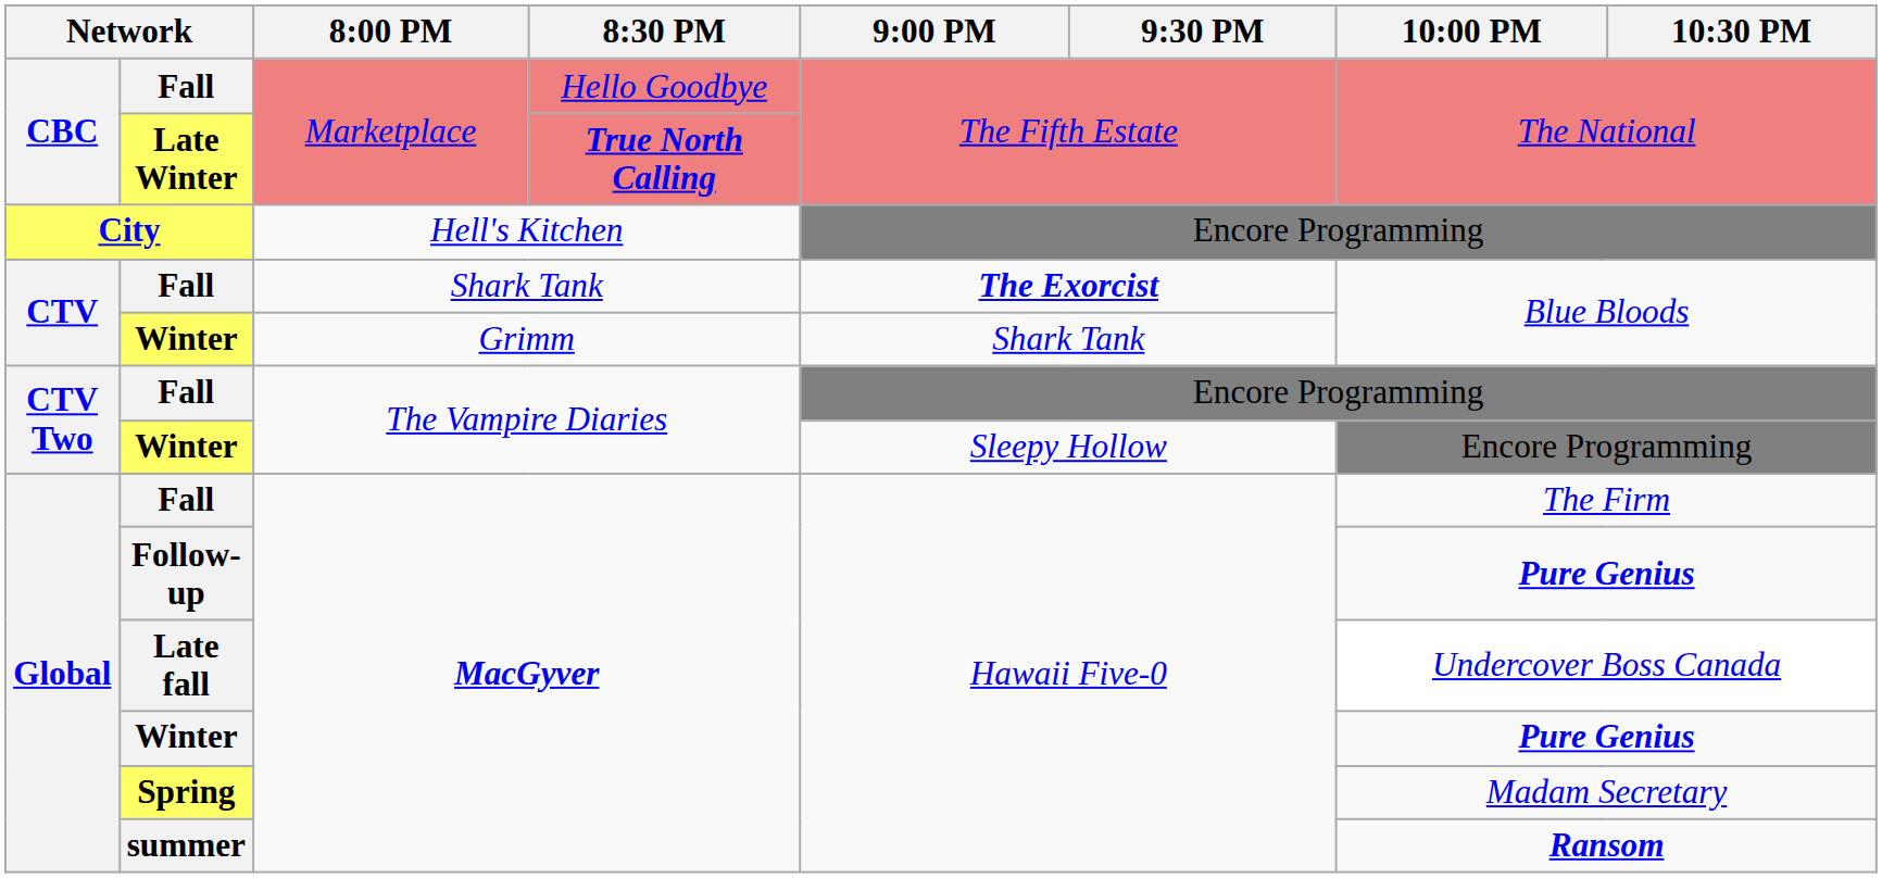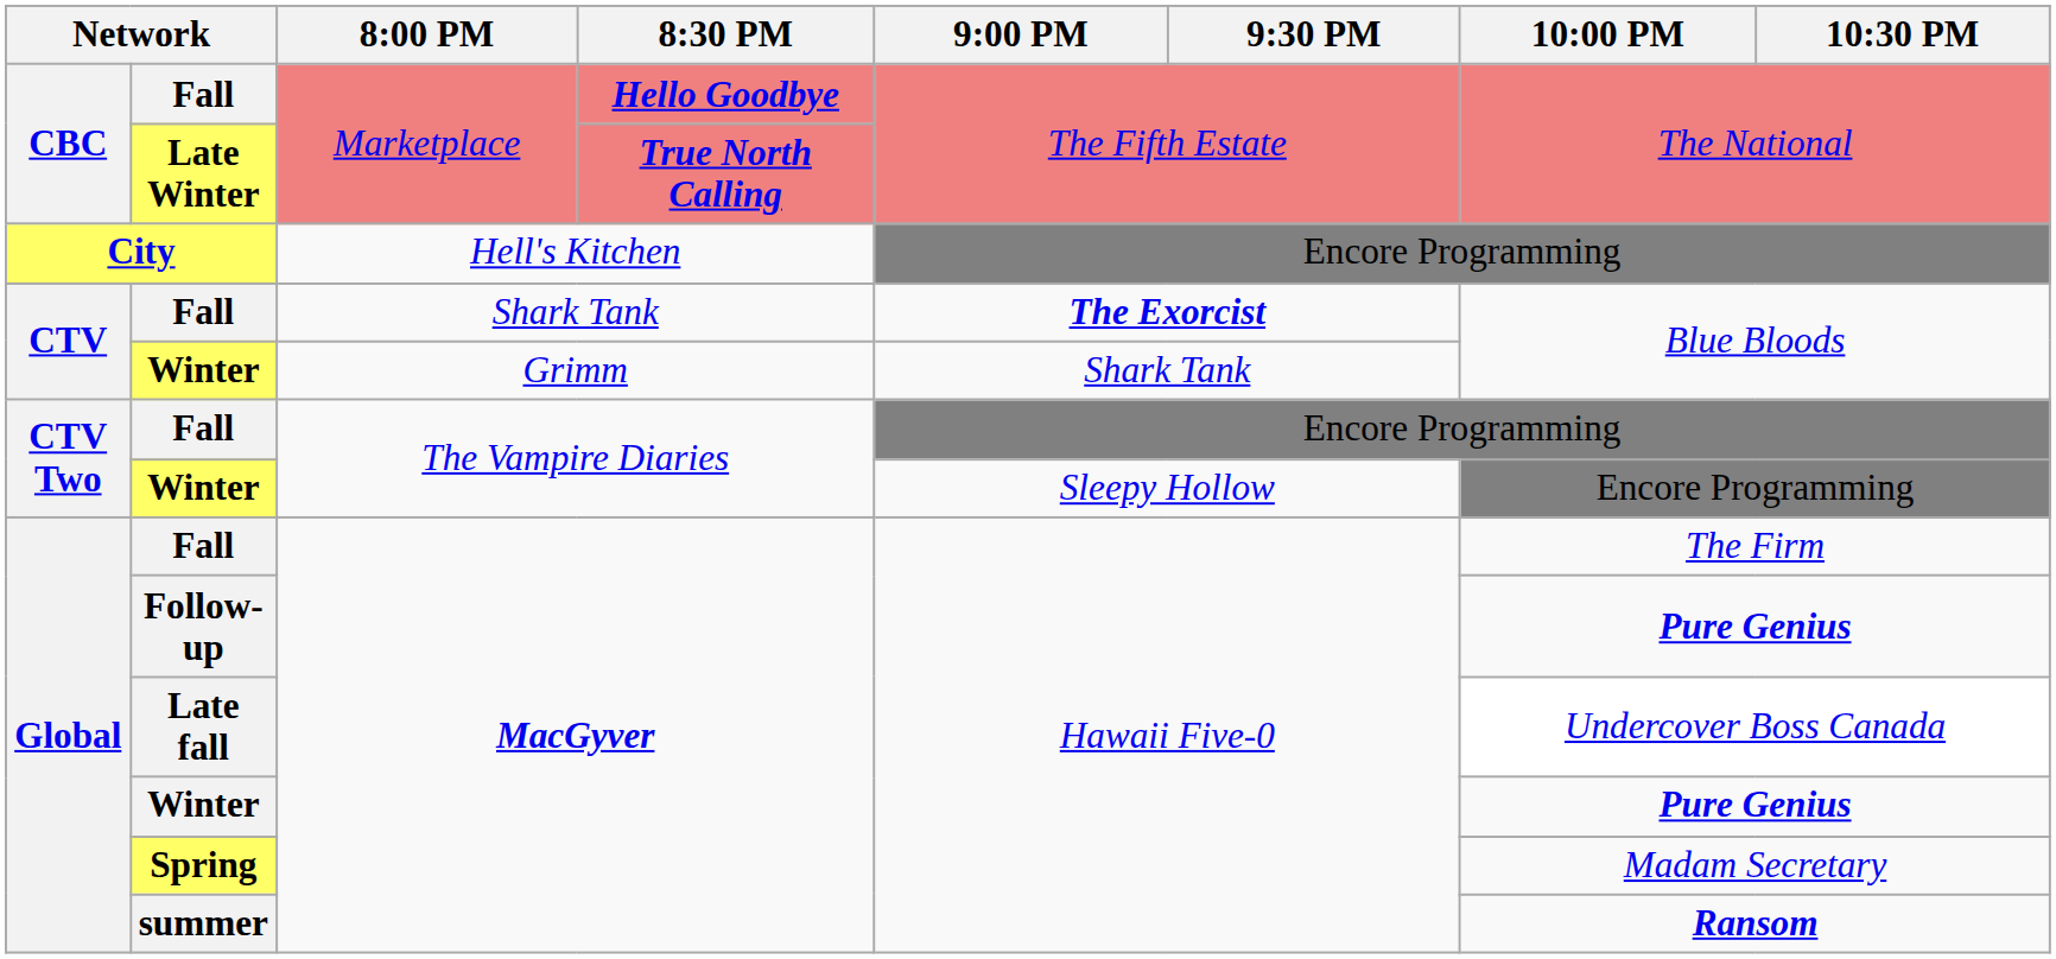 <table class="wikitable" style="width:100%;margin-right:0;text-align:center">
 <tr>
 <th colspan="2" style="width:10%;">Network</th>
 <th style="width:15%;">8:00 PM</th>
 <th style="width:15%;">8:30 PM</th>
 <th style="width:15%;">9:00 PM</th>
 <th style="width:15%;">9:30 PM</th>
 <th style="width:15%;">10:00 PM</th>
 <th style="width:15%;">10:30 PM</th>
 </tr>
 <tr>
 <th rowspan="2"><a href='#'>CBC</a></th>
 <th>Fall</th>
 <td rowspan="2" style="background:#f08080;"><em><a href='#'>Marketplace</a></em></td>
-<td style="background:#f08080;"><em><a href='#'>Hello Goodbye</a></em></td>
+<td style="background:#f08080;"><strong><em><a href='#'>Hello Goodbye</a></em></strong></td>
 <td rowspan="2" colspan="2" style="background:#f08080;"><em><a href='#'>The Fifth Estate</a></em></td>
 <td rowspan="2" colspan="2" style="background:#f08080;"><em><a href='#'>The National</a></em></td>
 </tr>
 <tr>
 <th style="background:#ff6;">Late Winter</th>
 <td style="background:#f08080;"><strong><em><a href='#'>True North Calling</a></em></strong></td>
 </tr>
 <tr>
 <th colspan="2" style="background:#ff6;"><a href='#'>City</a></th>
 <td colspan="2"><em><a href='#'>Hell's Kitchen</a></em></td>
 <td colspan="4" style="background:gray;">Encore Programming</td>
 </tr>
 <tr>
 <th rowspan="2"><a href='#'>CTV</a></th>
 <th>Fall</th>
 <td colspan="2"><em><a href='#'>Shark Tank</a></em></td>
 <td colspan="2"><strong><em><a href='#'>The Exorcist</a></em></strong></td>
 <td rowspan="2" colspan="2"><em><a href='#'>Blue Bloods</a></em></td>
 </tr>
 <tr>
 <th style="background:#ff6;">Winter</th>
 <td colspan="2"><em><a href='#'>Grimm</a></em></td>
 <td colspan="2"><em><a href='#'>Shark Tank</a></em></td>
 </tr>
 <tr>
 <th rowspan="2"><a href='#'>CTV Two</a></th>
 <th>Fall</th>
 <td rowspan="2" colspan="2"><em><a href='#'>The Vampire Diaries</a></em></td>
 <td colspan="4" style="background:gray;">Encore Programming</td>
 </tr>
 <tr>
 <th style="background:#ff6;">Winter</th>
 <td colspan="2"><em><a href='#'>Sleepy Hollow</a></em></td>
 <td colspan="2" style="background:gray;">Encore Programming</td>
 </tr>
 <tr>
 <th rowspan="6"><a href='#'>Global</a></th>
 <th>Fall</th>
 <td rowspan="6" colspan="2"><strong><em><a href='#'>MacGyver</a></em></strong></td>
 <td rowspan="6" colspan="2"><em><a href='#'>Hawaii Five-0</a></em></td>
 <td rowspan="1" colspan="2"><em><a href='#'>The Firm</a></em></td>
 </tr>
 <tr>
 <th>Follow-up</th>
 <td colspan="2"><strong><em><a href='#'>Pure Genius</a></em></strong></td>
 </tr>
 <tr>
 <th>Late fall</th>
 <td colspan="2" style="background:white;"><em><a href='#'>Undercover Boss Canada</a></em></td>
 </tr>
 <tr>
 <th>Winter</th>
 <td colspan="2"><strong><em><a href='#'>Pure Genius</a></em></strong></td>
 </tr>
 <tr>
 <th style="background:#ff6;">Spring</th>
 <td colspan="2"><em><a href='#'>Madam Secretary</a></em> </td>
 </tr>
 <tr>
 <th>summer</th>
 <td colspan="2"><strong><em><a href='#'>Ransom</a></em></strong></td>
 </tr>
 </table>
